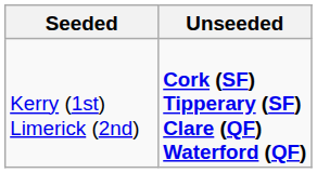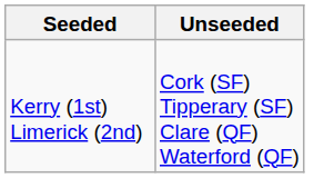 <table class="wikitable" style="font-size:80%">
 <tr>
 <th width="50%">Seeded</th>
 <th width="50%">Unseeded</th>
 </tr>
 <tr>
 <td><br> <a href='#'>Kerry</a> (<a href='#'>1st</a>)<br> <a href='#'>Limerick</a> (<a href='#'>2nd</a>)</td>
-<td><strong><br> <a href='#'>Cork</a> (<a href='#'>SF</a>)<br> <a href='#'>Tipperary</a> (<a href='#'>SF</a>)<br> <a href='#'>Clare</a> (<a href='#'>QF</a>)<br> <a href='#'>Waterford</a> (<a href='#'>QF</a>)</strong></td>
+<td><br> <a href='#'>Cork</a> (<a href='#'>SF</a>)<br> <a href='#'>Tipperary</a> (<a href='#'>SF</a>)<br> <a href='#'>Clare</a> (<a href='#'>QF</a>)<br> <a href='#'>Waterford</a> (<a href='#'>QF</a>)</td>
 </tr>
 </table>
